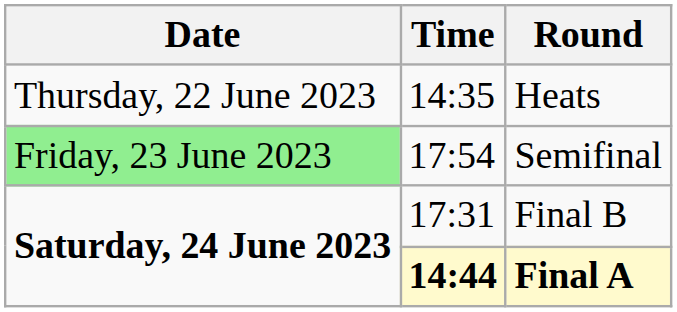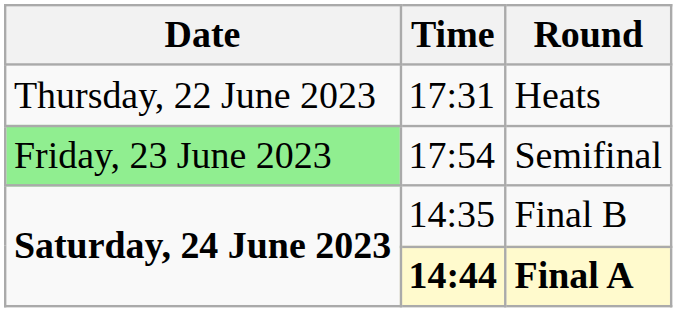 <table class="wikitable">
 <tr>
 <th>Date</th>
 <th>Time</th>
 <th>Round</th>
 </tr>
 <tr>
 <td>Thursday, 22 June 2023</td>
-<td>14:35</td>
+<td>17:31</td>
 <td>Heats</td>
 </tr>
 <tr>
 <td style="background: lightgreen;">Friday, 23 June 2023</td>
 <td>17:54</td>
 <td>Semifinal</td>
 </tr>
 <tr>
 <td rowspan=2><strong>Saturday, 24 June 2023</strong></td>
-<td>17:31</td>
+<td>14:35</td>
 <td>Final B</td>
 </tr>
 <tr>
 <td style=background:lemonchiffon><strong>14:44</strong></td>
 <td style=background:lemonchiffon><strong>Final A</strong></td>
 </tr>
 </table>
